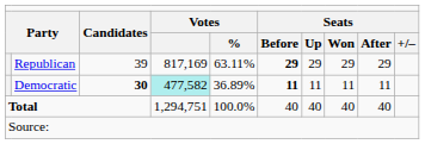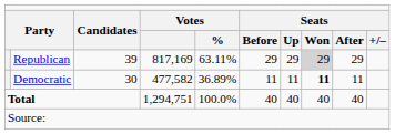 <table class="wikitable">
 <tr>
 <td colspan=15 align=center></td>
 </tr>
 <tr>
 <th rowspan="2" colspan="2">Party</th>
 <th rowspan="2">Candidates</th>
 <th colspan="2">Votes</th>
 <th colspan="5">Seats</th>
 </tr>
 <tr>
 <th></th>
 <th>%</th>
 <th>Before</th>
 <th>Up</th>
 <th>Won</th>
 <th>After</th>
 <th>+/–</th>
 </tr>
 <tr>
 <th style="background-color:"></th>
 <td><a href='#'>Republican</a></td>
 <td align="right">39</td>
 <td align="right">817,169</td>
 <td align="right">63.11%</td>
-<td align="right"><strong>29</strong></td>
 <td align="right">29</td>
 <td align="right">29</td>
+<td align="right" style="background: lightgrey;">29</td>
 <td align="right">29</td>
 <td align="right"></td>
 </tr>
 <tr>
 <th style="background-color:"></th>
 <td><a href='#'>Democratic</a></td>
-<td align="right"><strong>30</strong></td>
-<td align="right" style="background: paleturquoise;">477,582</td>
+<td align="right">30</td>
+<td align="right">477,582</td>
 <td align="right">36.89%</td>
-<td align="right"><strong>11</strong></td>
 <td align="right">11</td>
 <td align="right">11</td>
+<td align="right"><strong>11</strong></td>
 <td align="right">11</td>
 <td align="right"></td>
 </tr>
 <tr>
 <td colspan="3" align="left"><strong>Total</strong></td>
 <td align="right">1,294,751</td>
 <td align="right">100.0%</td>
 <td align="right">40</td>
 <td align="right">40</td>
 <td align="right">40</td>
 <td align="right">40</td>
 <td align="right"></td>
 </tr>
 <tr>
 <td colspan="10">Source:</td>
 </tr>
 </table>
